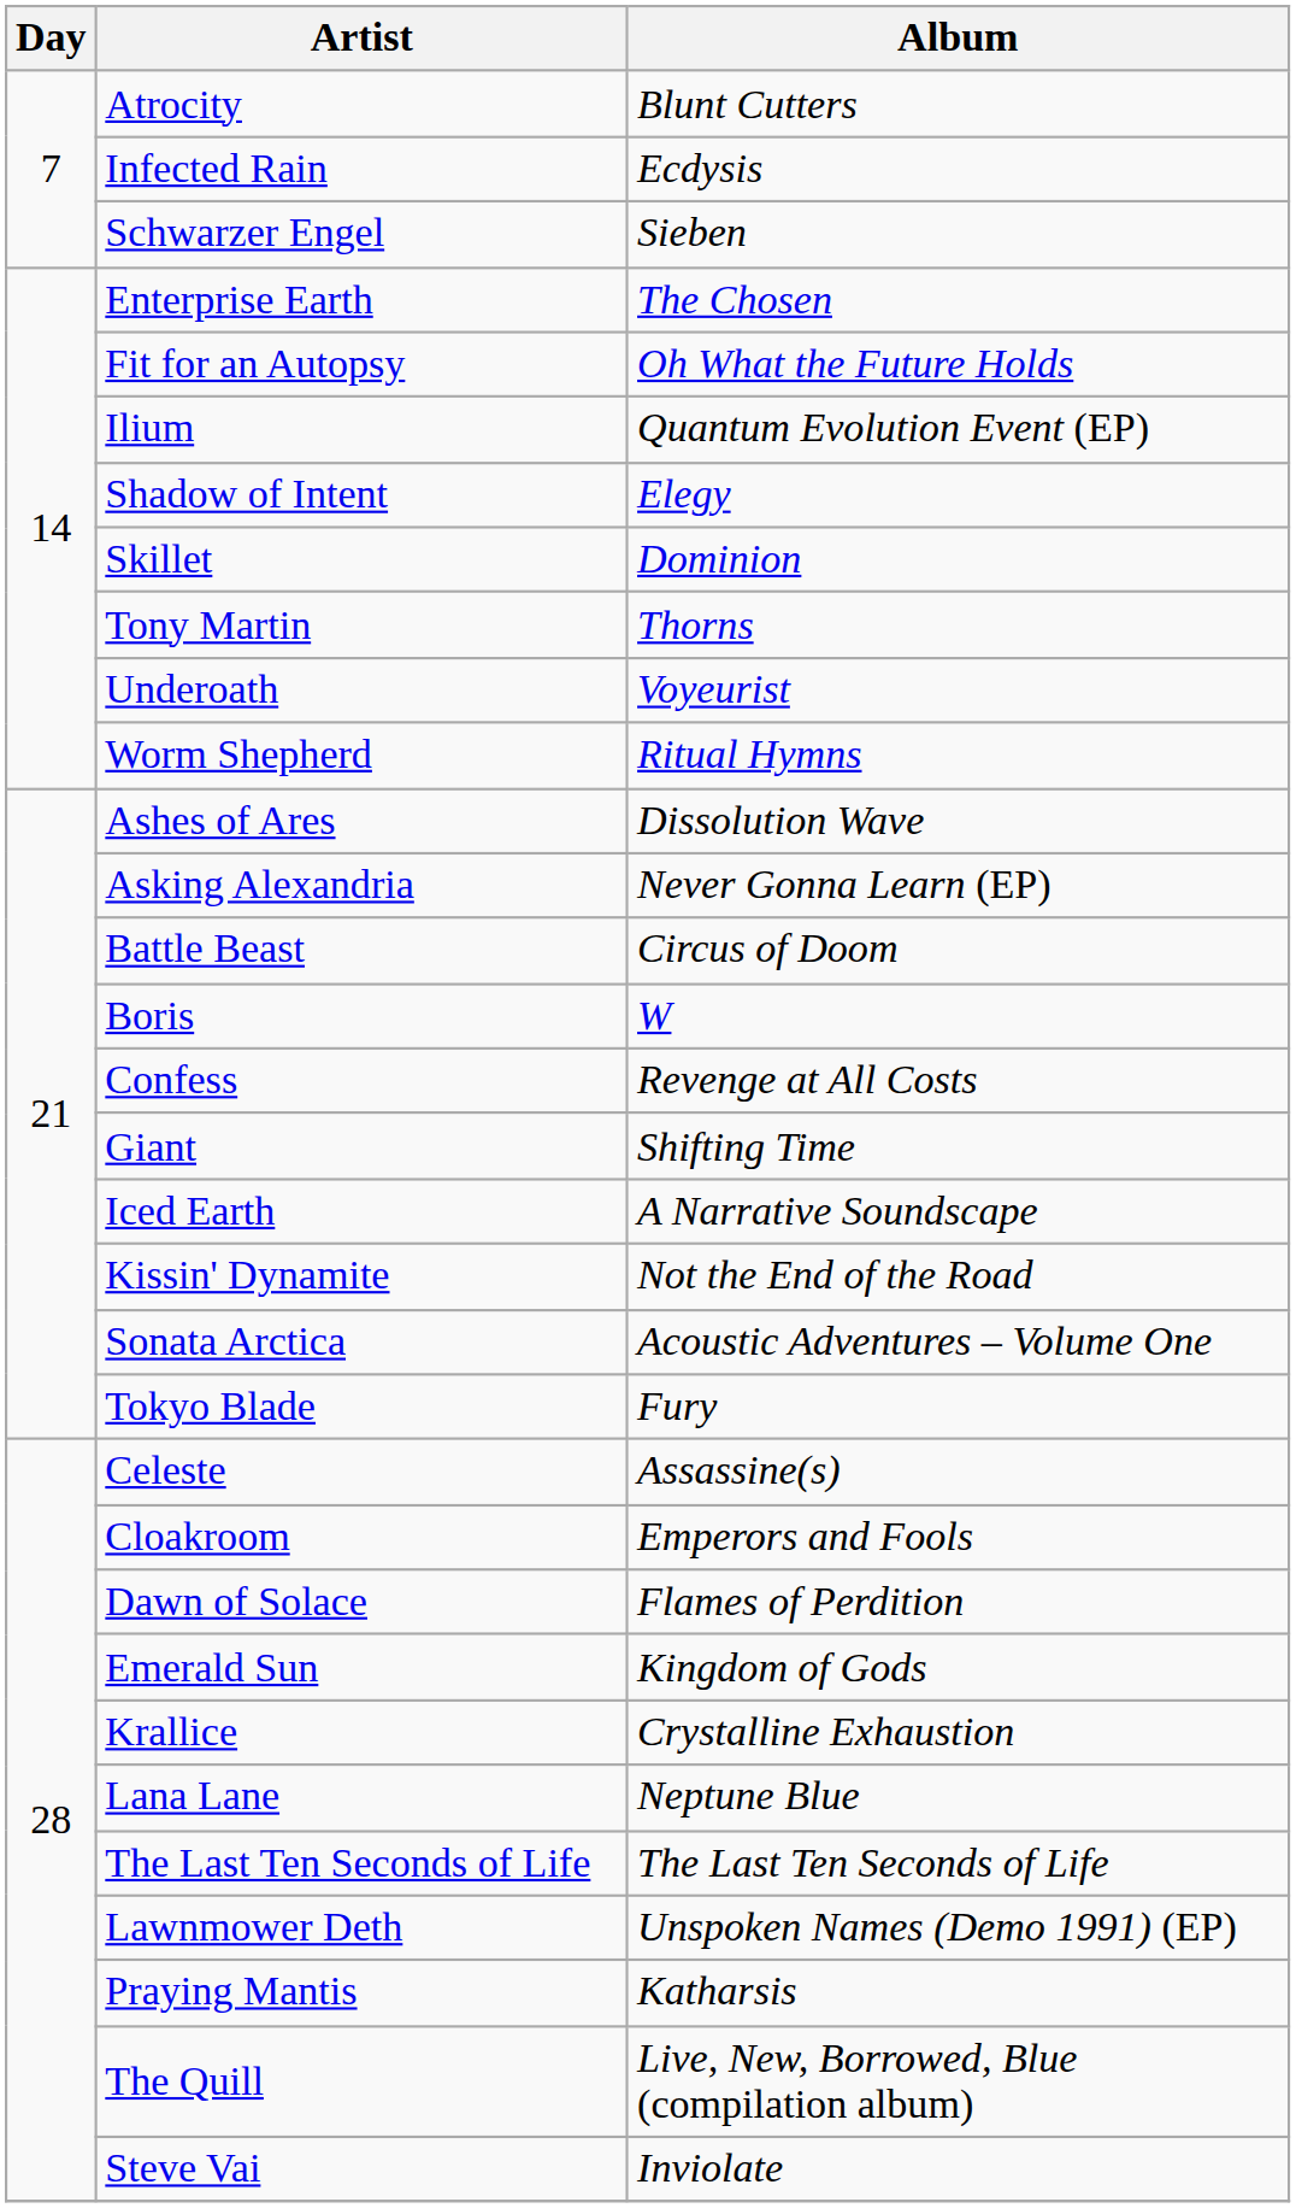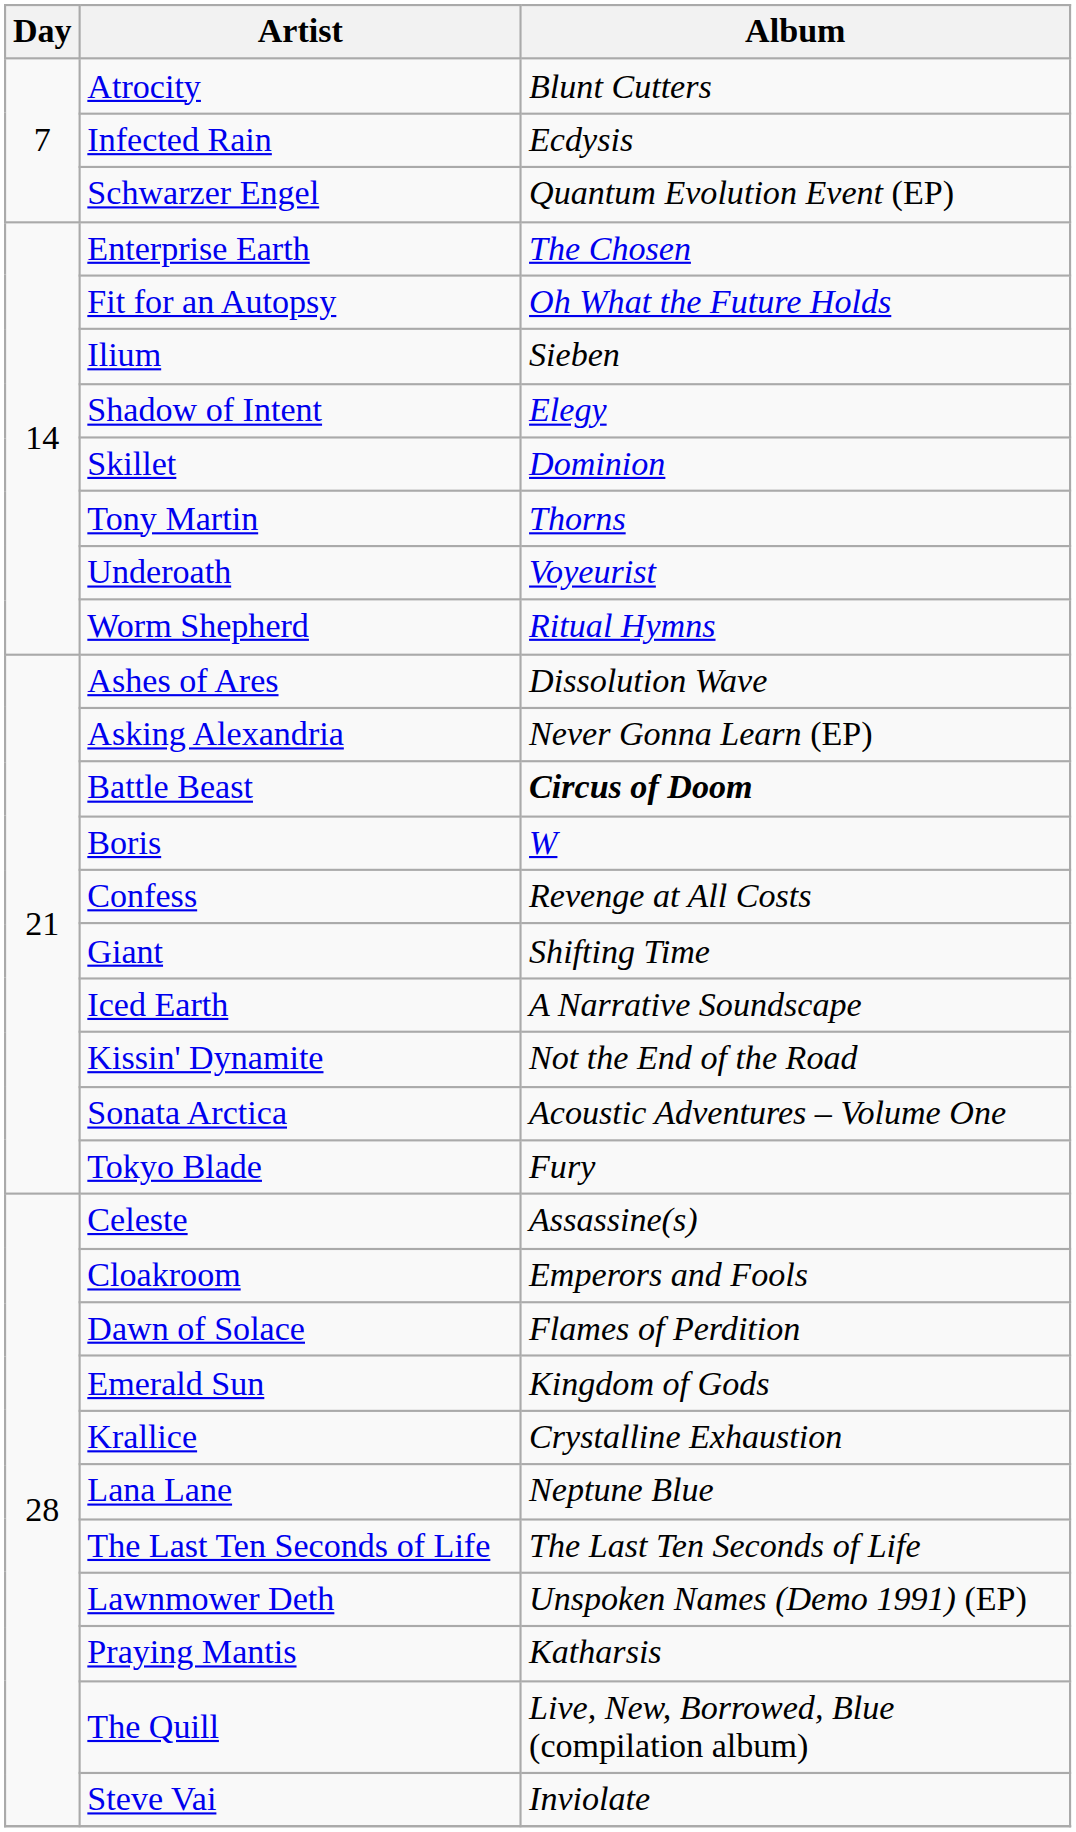 <table class="wikitable" id="table_January">
 <tr>
 <th style="width:20px;">Day</th>
 <th style="width:200px;">Artist</th>
 <th style="width:250px;">Album</th>
 </tr>
 <tr>
 <td style="text-align:center;" rowspan="3">7</td>
 <td><a href='#'>Atrocity</a></td>
 <td><em>Blunt Cutters</em></td>
 </tr>
 <tr>
 <td><a href='#'>Infected Rain</a></td>
 <td><em>Ecdysis</em></td>
 </tr>
 <tr>
 <td><a href='#'>Schwarzer Engel</a></td>
-<td><em>Sieben</em></td>
+<td><em>Quantum Evolution Event</em> (EP)</td>
 </tr>
 <tr>
 <td rowspan="8" style="text-align:center;">14</td>
 <td><a href='#'>Enterprise Earth</a></td>
 <td><em><a href='#'>The Chosen</a></em></td>
 </tr>
 <tr>
 <td><a href='#'>Fit for an Autopsy</a></td>
 <td><em><a href='#'>Oh What the Future Holds</a></em></td>
 </tr>
 <tr>
 <td><a href='#'>Ilium</a></td>
-<td><em>Quantum Evolution Event</em> (EP)</td>
+<td><em>Sieben</em></td>
 </tr>
 <tr>
 <td><a href='#'>Shadow of Intent</a></td>
 <td><em><a href='#'>Elegy</a></em></td>
 </tr>
 <tr>
 <td><a href='#'>Skillet</a></td>
 <td><em><a href='#'>Dominion</a></em></td>
 </tr>
 <tr>
 <td><a href='#'>Tony Martin</a></td>
 <td><em><a href='#'>Thorns</a></em></td>
 </tr>
 <tr>
 <td><a href='#'>Underoath</a></td>
 <td><em><a href='#'>Voyeurist</a></em></td>
 </tr>
 <tr>
 <td><a href='#'>Worm Shepherd</a></td>
 <td><em><a href='#'>Ritual Hymns</a></em></td>
 </tr>
 <tr>
 <td style="text-align:center;" rowspan="10">21</td>
 <td><a href='#'>Ashes of Ares</a></td>
 <td><em>Dissolution Wave</em></td>
 </tr>
 <tr>
 <td><a href='#'>Asking Alexandria</a></td>
 <td><em>Never Gonna Learn</em> (EP)</td>
 </tr>
 <tr>
 <td><a href='#'>Battle Beast</a></td>
-<td><em>Circus of Doom</em></td>
+<td><strong><em>Circus of Doom</em></strong></td>
 </tr>
 <tr>
 <td><a href='#'>Boris</a></td>
 <td><em><a href='#'>W</a></em></td>
 </tr>
 <tr>
 <td><a href='#'>Confess</a></td>
 <td><em>Revenge at All Costs</em></td>
 </tr>
 <tr>
 <td><a href='#'>Giant</a></td>
 <td><em>Shifting Time</em></td>
 </tr>
 <tr>
 <td><a href='#'>Iced Earth</a></td>
 <td><em>A Narrative Soundscape</em></td>
 </tr>
 <tr>
 <td><a href='#'>Kissin' Dynamite</a></td>
 <td><em>Not the End of the Road</em></td>
 </tr>
 <tr>
 <td><a href='#'>Sonata Arctica</a></td>
 <td><em>Acoustic Adventures – Volume One</em></td>
 </tr>
 <tr>
 <td><a href='#'>Tokyo Blade</a></td>
 <td><em>Fury</em></td>
 </tr>
 <tr>
 <td style="text-align:center;" rowspan="11">28</td>
 <td><a href='#'>Celeste</a></td>
 <td><em>Assassine(s)</em></td>
 </tr>
 <tr>
 <td><a href='#'>Cloakroom</a></td>
 <td><em>Emperors and Fools</em></td>
 </tr>
 <tr>
 <td><a href='#'>Dawn of Solace</a></td>
 <td><em>Flames of Perdition</em></td>
 </tr>
 <tr>
 <td><a href='#'>Emerald Sun</a></td>
 <td><em>Kingdom of Gods</em></td>
 </tr>
 <tr>
 <td><a href='#'>Krallice</a></td>
 <td><em>Crystalline Exhaustion</em></td>
 </tr>
 <tr>
 <td><a href='#'>Lana Lane</a></td>
 <td><em>Neptune Blue</em></td>
 </tr>
 <tr>
 <td><a href='#'>The Last Ten Seconds of Life</a></td>
 <td><em>The Last Ten Seconds of Life</em></td>
 </tr>
 <tr>
 <td><a href='#'>Lawnmower Deth</a></td>
 <td><em>Unspoken Names (Demo 1991)</em> (EP)</td>
 </tr>
 <tr>
 <td><a href='#'>Praying Mantis</a></td>
 <td><em>Katharsis</em></td>
 </tr>
 <tr>
 <td><a href='#'>The Quill</a></td>
 <td><em>Live, New, Borrowed, Blue</em> (compilation album)</td>
 </tr>
 <tr>
 <td><a href='#'>Steve Vai</a></td>
 <td><em>Inviolate</em></td>
 </tr>
 <tr>
 </tr>
 </table>
